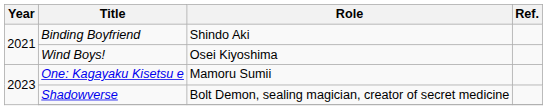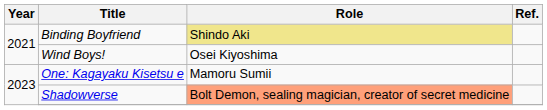 <table class="wikitable">
 <tr>
 <th>Year</th>
 <th>Title</th>
 <th>Role</th>
 <th>Ref.</th>
 </tr>
 <tr>
 <td rowspan="2">2021</td>
 <td><em>Binding Boyfriend</em></td>
-<td>Shindo Aki</td>
+<td style="background: khaki;">Shindo Aki</td>
 <td></td>
 </tr>
 <tr>
 <td><em>Wind Boys!</em></td>
 <td>Osei Kiyoshima</td>
 <td></td>
 </tr>
 <tr>
 <td rowspan="3">2023</td>
 <td><em><a href='#'>One: Kagayaku Kisetsu e</a></em></td>
 <td>Mamoru Sumii</td>
 <td></td>
 </tr>
 <tr>
 <td><em><a href='#'>Shadowverse</a></em></td>
-<td>Bolt Demon, sealing magician, creator of secret medicine</td>
+<td style="background: lightsalmon;">Bolt Demon, sealing magician, creator of secret medicine</td>
 <td></td>
 </tr>
 <tr>
 </tr>
 </table>
